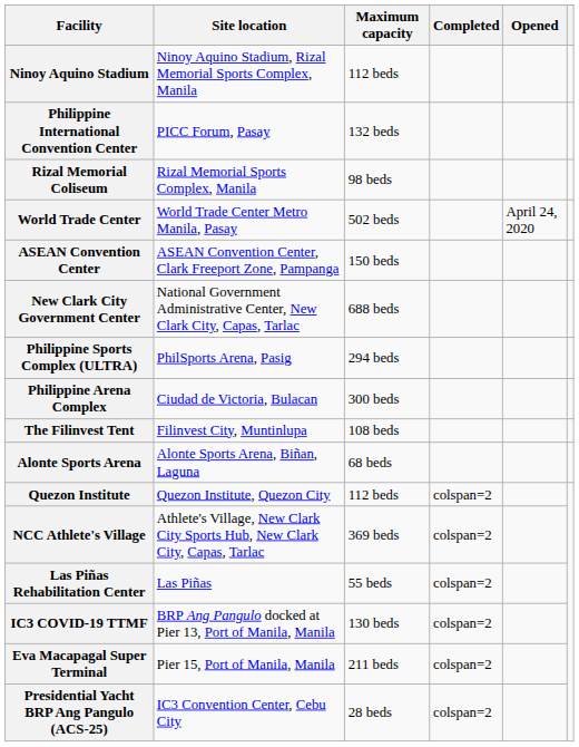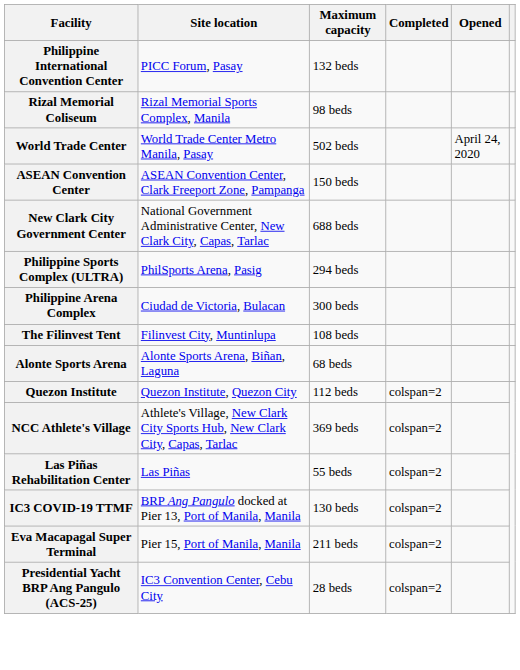 <table class="wikitable sortable plainrowheaders" style="font-size:95%;">
 <tr>
 <th scope="col">Facility</th>
 <th scope="col">Site location</th>
 <th scope="col">Maximum capacity</th>
 <th scope="col">Completed</th>
 <th scope="col">Opened</th>
 <th scope="col" class="unsortable"></th>
-</tr>
-<tr>
-<th scope="row">Ninoy Aquino Stadium</th>
-<td><a href='#'>Ninoy Aquino Stadium</a>, <a href='#'>Rizal Memorial Sports Complex</a>, <a href='#'>Manila</a></td>
-<td>112 beds</td>
-<td></td>
-<td></td>
-<td></td>
 </tr>
 <tr>
 <th scope="row">Philippine International Convention Center</th>
 <td><a href='#'>PICC Forum</a>, <a href='#'>Pasay</a></td>
 <td>132 beds</td>
 <td></td>
 <td></td>
 <td></td>
 </tr>
 <tr>
 <th scope="row">Rizal Memorial Coliseum</th>
 <td><a href='#'>Rizal Memorial Sports Complex</a>, <a href='#'>Manila</a></td>
 <td>98 beds</td>
 <td></td>
 <td></td>
 <td></td>
 </tr>
 <tr>
 <th scope="row">World Trade Center</th>
 <td><a href='#'>World Trade Center Metro Manila</a>, <a href='#'>Pasay</a></td>
 <td>502 beds</td>
 <td></td>
 <td>April 24, 2020</td>
 <td></td>
 </tr>
 <tr>
 <th scope="row">ASEAN Convention Center</th>
 <td><a href='#'>ASEAN Convention Center</a>, <a href='#'>Clark Freeport Zone</a>, <a href='#'>Pampanga</a></td>
 <td>150 beds</td>
 <td></td>
 <td></td>
 <td></td>
 </tr>
 <tr>
 <th scope="row">New Clark City Government Center</th>
 <td>National Government Administrative Center, <a href='#'>New Clark City</a>, <a href='#'>Capas</a>, <a href='#'>Tarlac</a></td>
 <td>688 beds</td>
 <td></td>
 <td></td>
 <td></td>
 </tr>
 <tr>
 <th scope="row">Philippine Sports Complex (ULTRA)</th>
 <td><a href='#'>PhilSports Arena</a>, <a href='#'>Pasig</a></td>
 <td>294 beds</td>
 <td></td>
 <td></td>
 <td></td>
 </tr>
 <tr>
 <th scope="row">Philippine Arena Complex</th>
 <td><a href='#'>Ciudad de Victoria</a>, <a href='#'>Bulacan</a></td>
 <td>300 beds</td>
 <td></td>
 <td></td>
 <td></td>
 </tr>
 <tr>
 <th scope="row">The Filinvest Tent</th>
 <td><a href='#'>Filinvest City</a>, <a href='#'>Muntinlupa</a></td>
 <td>108 beds</td>
 <td></td>
 <td></td>
 <td></td>
 </tr>
 <tr>
 <th scope="row">Alonte Sports Arena</th>
 <td><a href='#'>Alonte Sports Arena</a>, <a href='#'>Biñan</a>, <a href='#'>Laguna</a></td>
 <td>68 beds</td>
 <td></td>
 <td></td>
 <td></td>
 </tr>
 <tr>
 <th scope="row">Quezon Institute</th>
 <td><a href='#'>Quezon Institute</a>, <a href='#'>Quezon City</a></td>
 <td>112 beds</td>
 <td>colspan=2 </td>
 <td></td>
 </tr>
 <tr>
 <th scope="row">NCC Athlete's Village</th>
 <td>Athlete's Village, <a href='#'>New Clark City Sports Hub</a>, <a href='#'>New Clark City</a>, <a href='#'>Capas</a>, <a href='#'>Tarlac</a></td>
 <td>369 beds</td>
 <td>colspan=2 </td>
 <td></td>
 </tr>
 <tr>
 <th scope="row">Las Piñas Rehabilitation Center</th>
 <td><a href='#'>Las Piñas</a></td>
 <td>55 beds</td>
 <td>colspan=2 </td>
 <td></td>
 </tr>
 <tr>
 <th scope="row">IC3 COVID-19 TTMF</th>
 <td><a href='#'>BRP <em>Ang Pangulo</em></a> docked at Pier 13, <a href='#'>Port of Manila</a>, <a href='#'>Manila</a></td>
 <td>130 beds</td>
 <td>colspan=2 </td>
 <td></td>
 </tr>
 <tr>
 <th scope="row">Eva Macapagal Super Terminal</th>
 <td>Pier 15, <a href='#'>Port of Manila</a>, <a href='#'>Manila</a></td>
 <td>211 beds</td>
 <td>colspan=2 </td>
 <td></td>
 </tr>
 <tr>
 <th scope="row">Presidential Yacht BRP Ang Pangulo (ACS-25)</th>
 <td><a href='#'>IC3 Convention Center</a>, <a href='#'>Cebu City</a></td>
 <td>28 beds</td>
 <td>colspan=2 </td>
 <td></td>
 </tr>
 </table>
